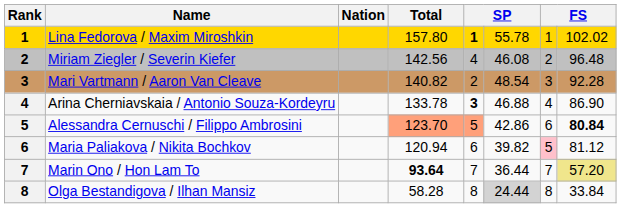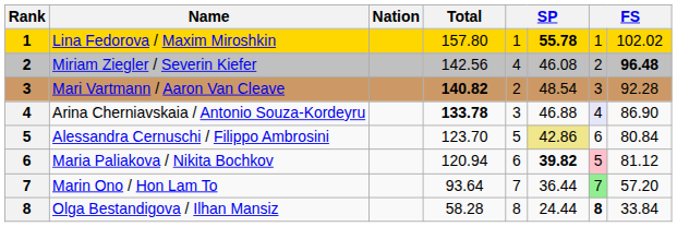 <table class="wikitable sortable">
 <tr>
 <th>Rank</th>
 <th>Name</th>
 <th>Nation</th>
 <th width="80px">Total</th>
 <th colspan="2" width="80px"><a href='#'>SP</a></th>
 <th colspan="2" width="80px"><a href='#'>FS</a></th>
 </tr>
 <tr bgcolor="gold">
 <td align="center"><strong>1</strong></td>
 <td><a href='#'>Lina Fedorova</a> / <a href='#'>Maxim Miroshkin</a></td>
 <td></td>
 <td align="center">157.80</td>
-<td align="center"><strong>1</strong></td>
-<td align="center">55.78</td>
+<td align="center">1</td>
+<td align="center"><strong>55.78</strong></td>
 <td align="center">1</td>
 <td align="center">102.02</td>
 </tr>
 <tr bgcolor="silver">
 <td align="center"><strong>2</strong></td>
 <td><a href='#'>Miriam Ziegler</a> / <a href='#'>Severin Kiefer</a></td>
 <td></td>
 <td align="center">142.56</td>
 <td align="center">4</td>
 <td align="center">46.08</td>
 <td align="center">2</td>
-<td align="center">96.48</td>
+<td align="center"><strong>96.48</strong></td>
 </tr>
 <tr bgcolor="cc9966">
 <td align="center"><strong>3</strong></td>
 <td><a href='#'>Mari Vartmann</a> / <a href='#'>Aaron Van Cleave</a></td>
 <td></td>
-<td align="center">140.82</td>
+<td align="center"><strong>140.82</strong></td>
 <td align="center">2</td>
 <td align="center">48.54</td>
 <td align="center">3</td>
 <td align="center">92.28</td>
 </tr>
 <tr>
 <th>4</th>
 <td>Arina Cherniavskaia / <a href='#'>Antonio Souza-Kordeyru</a></td>
 <td></td>
-<td align="center">133.78</td>
-<td align="center"><strong>3</strong></td>
+<td align="center"><strong>133.78</strong></td>
+<td align="center">3</td>
 <td align="center">46.88</td>
-<td align="center">4</td>
+<td align="center" style="background: lavender;">4</td>
 <td align="center">86.90</td>
 </tr>
 <tr>
 <th>5</th>
 <td><a href='#'>Alessandra Cernuschi</a> / <a href='#'>Filippo Ambrosini</a></td>
 <td></td>
-<td align="center" style="background: lightsalmon;">123.70</td>
-<td align="center" style="background: lightsalmon;">5</td>
-<td align="center">42.86</td>
+<td align="center">123.70</td>
+<td align="center">5</td>
+<td align="center" style="background: khaki;">42.86</td>
 <td align="center">6</td>
-<td align="center"><strong>80.84</strong></td>
+<td align="center">80.84</td>
 </tr>
 <tr>
 <th>6</th>
 <td><a href='#'>Maria Paliakova</a> / <a href='#'>Nikita Bochkov</a></td>
 <td></td>
 <td align="center">120.94</td>
 <td align="center">6</td>
-<td align="center">39.82</td>
+<td align="center"><strong>39.82</strong></td>
 <td align="center" style="background: pink;">5</td>
 <td align="center">81.12</td>
 </tr>
 <tr>
 <th>7</th>
 <td><a href='#'>Marin Ono</a> / <a href='#'>Hon Lam To</a></td>
 <td></td>
-<td align="center"><strong>93.64</strong></td>
+<td align="center">93.64</td>
 <td align="center">7</td>
 <td align="center">36.44</td>
-<td align="center">7</td>
-<td align="center" style="background: khaki;">57.20</td>
+<td align="center" style="background: lightgreen;">7</td>
+<td align="center">57.20</td>
 </tr>
 <tr>
 <th>8</th>
 <td><a href='#'>Olga Bestandigova</a> / <a href='#'>Ilhan Mansiz</a></td>
 <td></td>
 <td align="center">58.28</td>
 <td align="center">8</td>
-<td align="center" style="background: lightgrey;">24.44</td>
-<td align="center">8</td>
+<td align="center">24.44</td>
+<td align="center"><strong>8</strong></td>
 <td align="center">33.84</td>
 </tr>
 </table>
